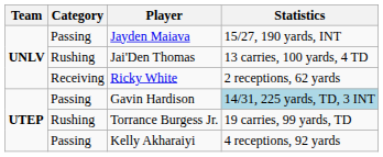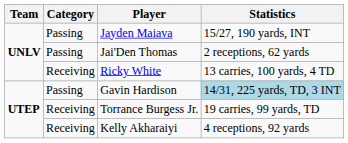 <table class="wikitable" style="float: right;">
 <tr>
 <th>Team</th>
 <th>Category</th>
 <th>Player</th>
 <th>Statistics</th>
 </tr>
 <tr>
 <td rowspan=3><strong>UNLV</strong></td>
 <td>Passing</td>
 <td><a href='#'>Jayden Maiava</a></td>
 <td>15/27, 190 yards, INT</td>
 </tr>
 <tr>
-<td>Rushing</td>
+<td>Passing</td>
 <td>Jai'Den Thomas</td>
-<td>13 carries, 100 yards, 4 TD</td>
+<td>2 receptions, 62 yards</td>
 </tr>
 <tr>
 <td>Receiving</td>
 <td><a href='#'>Ricky White</a></td>
-<td>2 receptions, 62 yards</td>
+<td>13 carries, 100 yards, 4 TD</td>
 </tr>
 <tr>
 <td rowspan=3><strong>UTEP</strong></td>
 <td>Passing</td>
 <td>Gavin Hardison</td>
 <td style="background: lightblue;">14/31, 225 yards, TD, 3 INT</td>
 </tr>
 <tr>
-<td>Rushing</td>
+<td>Receiving</td>
 <td>Torrance Burgess Jr.</td>
 <td>19 carries, 99 yards, TD</td>
 </tr>
 <tr>
-<td>Passing</td>
+<td>Receiving</td>
 <td>Kelly Akharaiyi</td>
 <td>4 receptions, 92 yards</td>
 </tr>
 </table>
